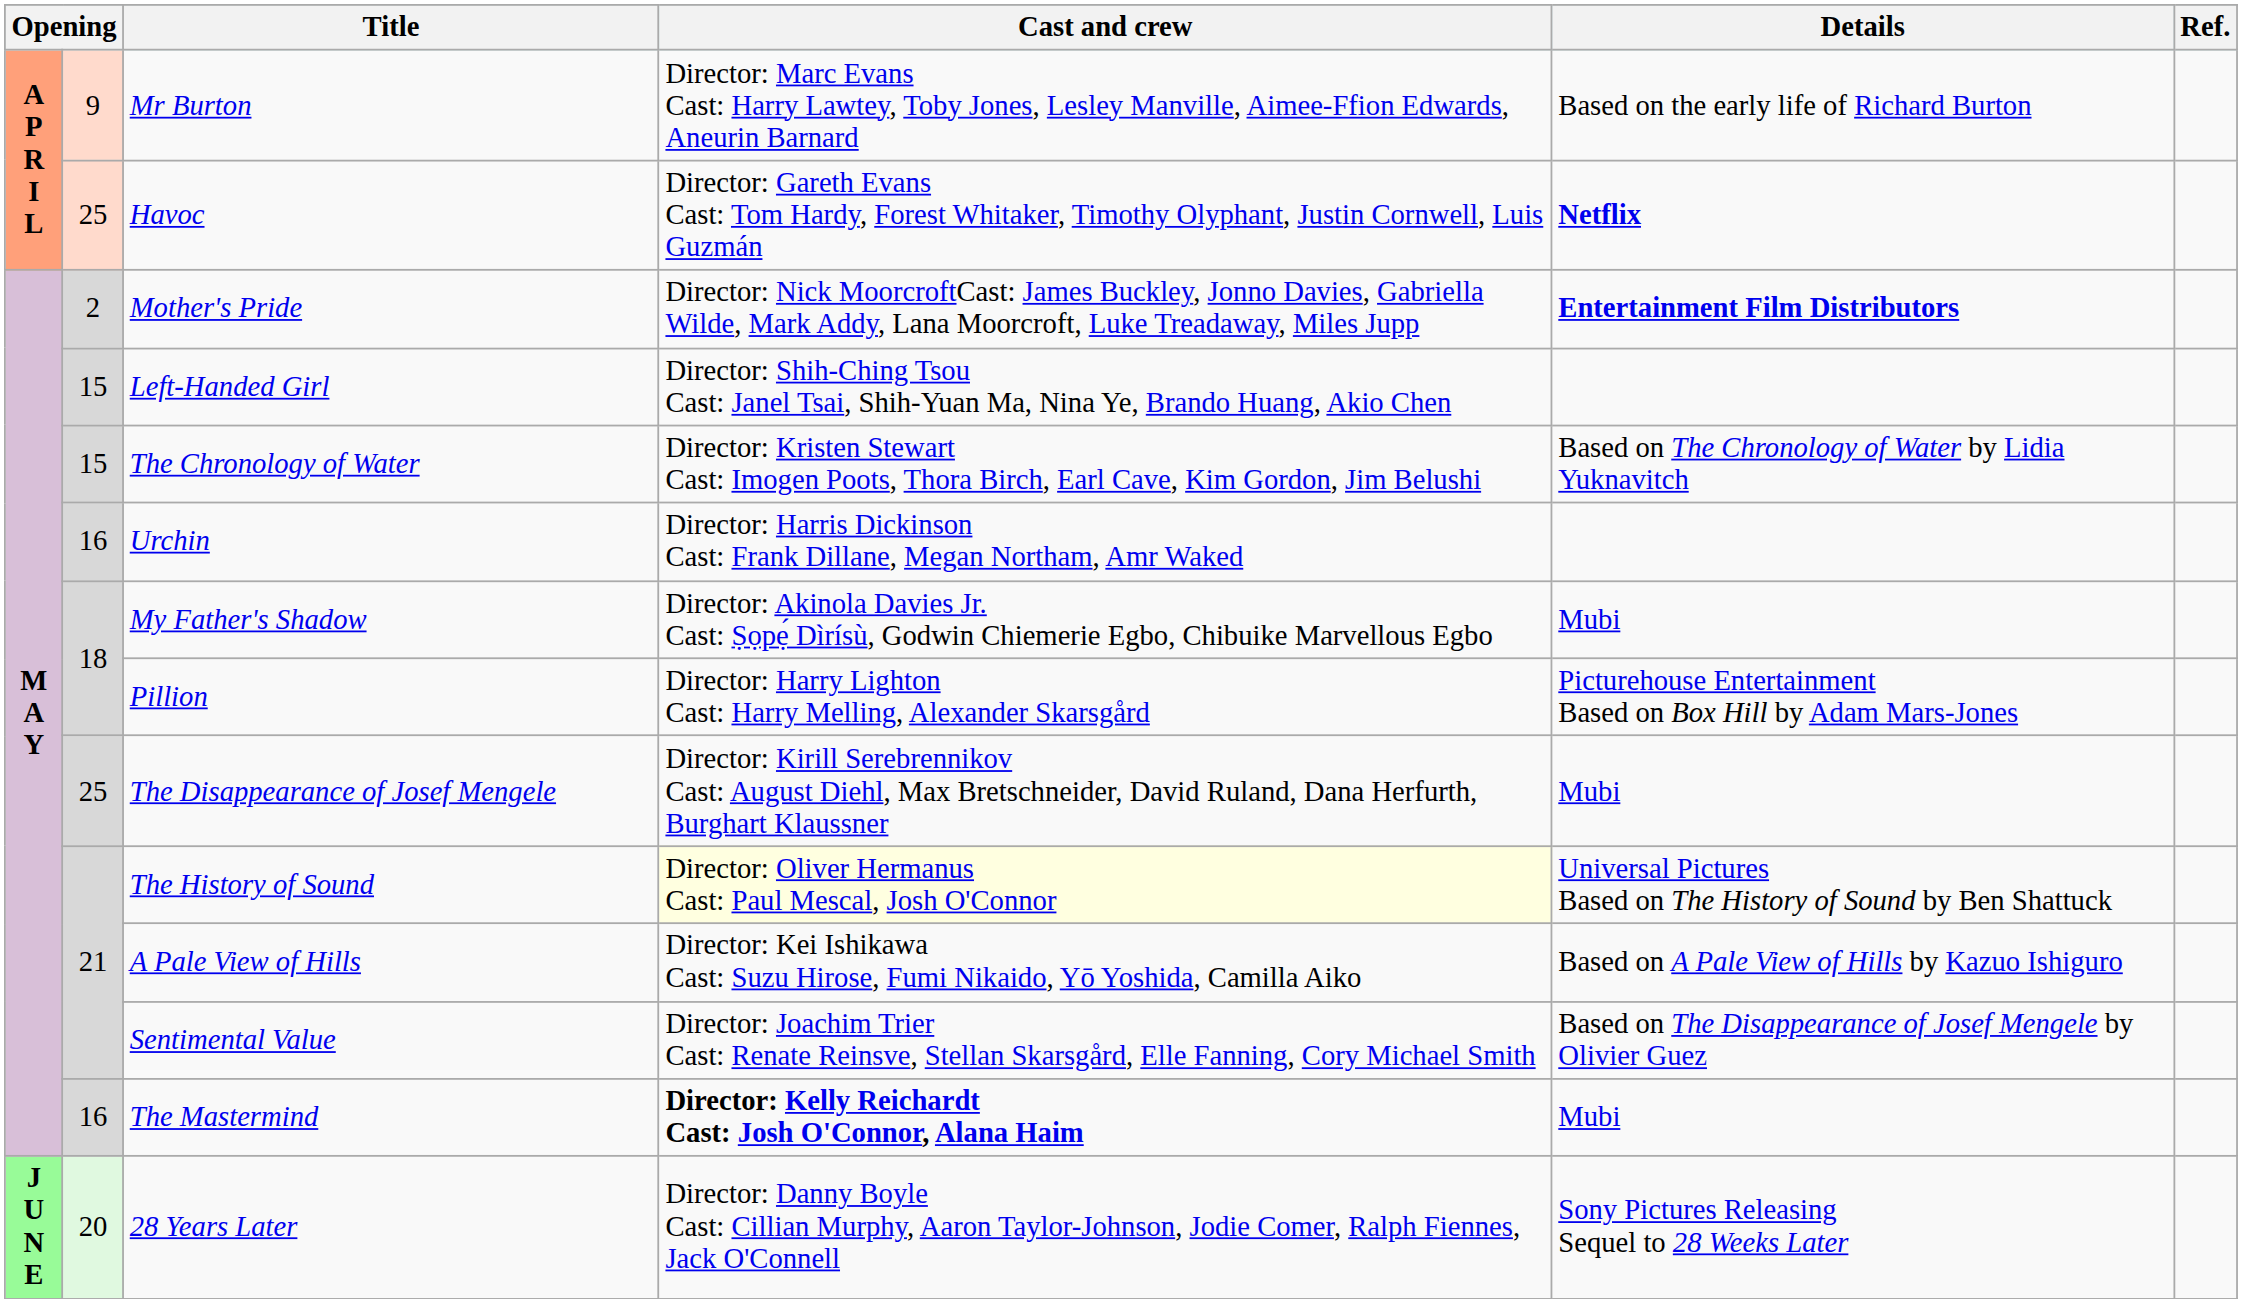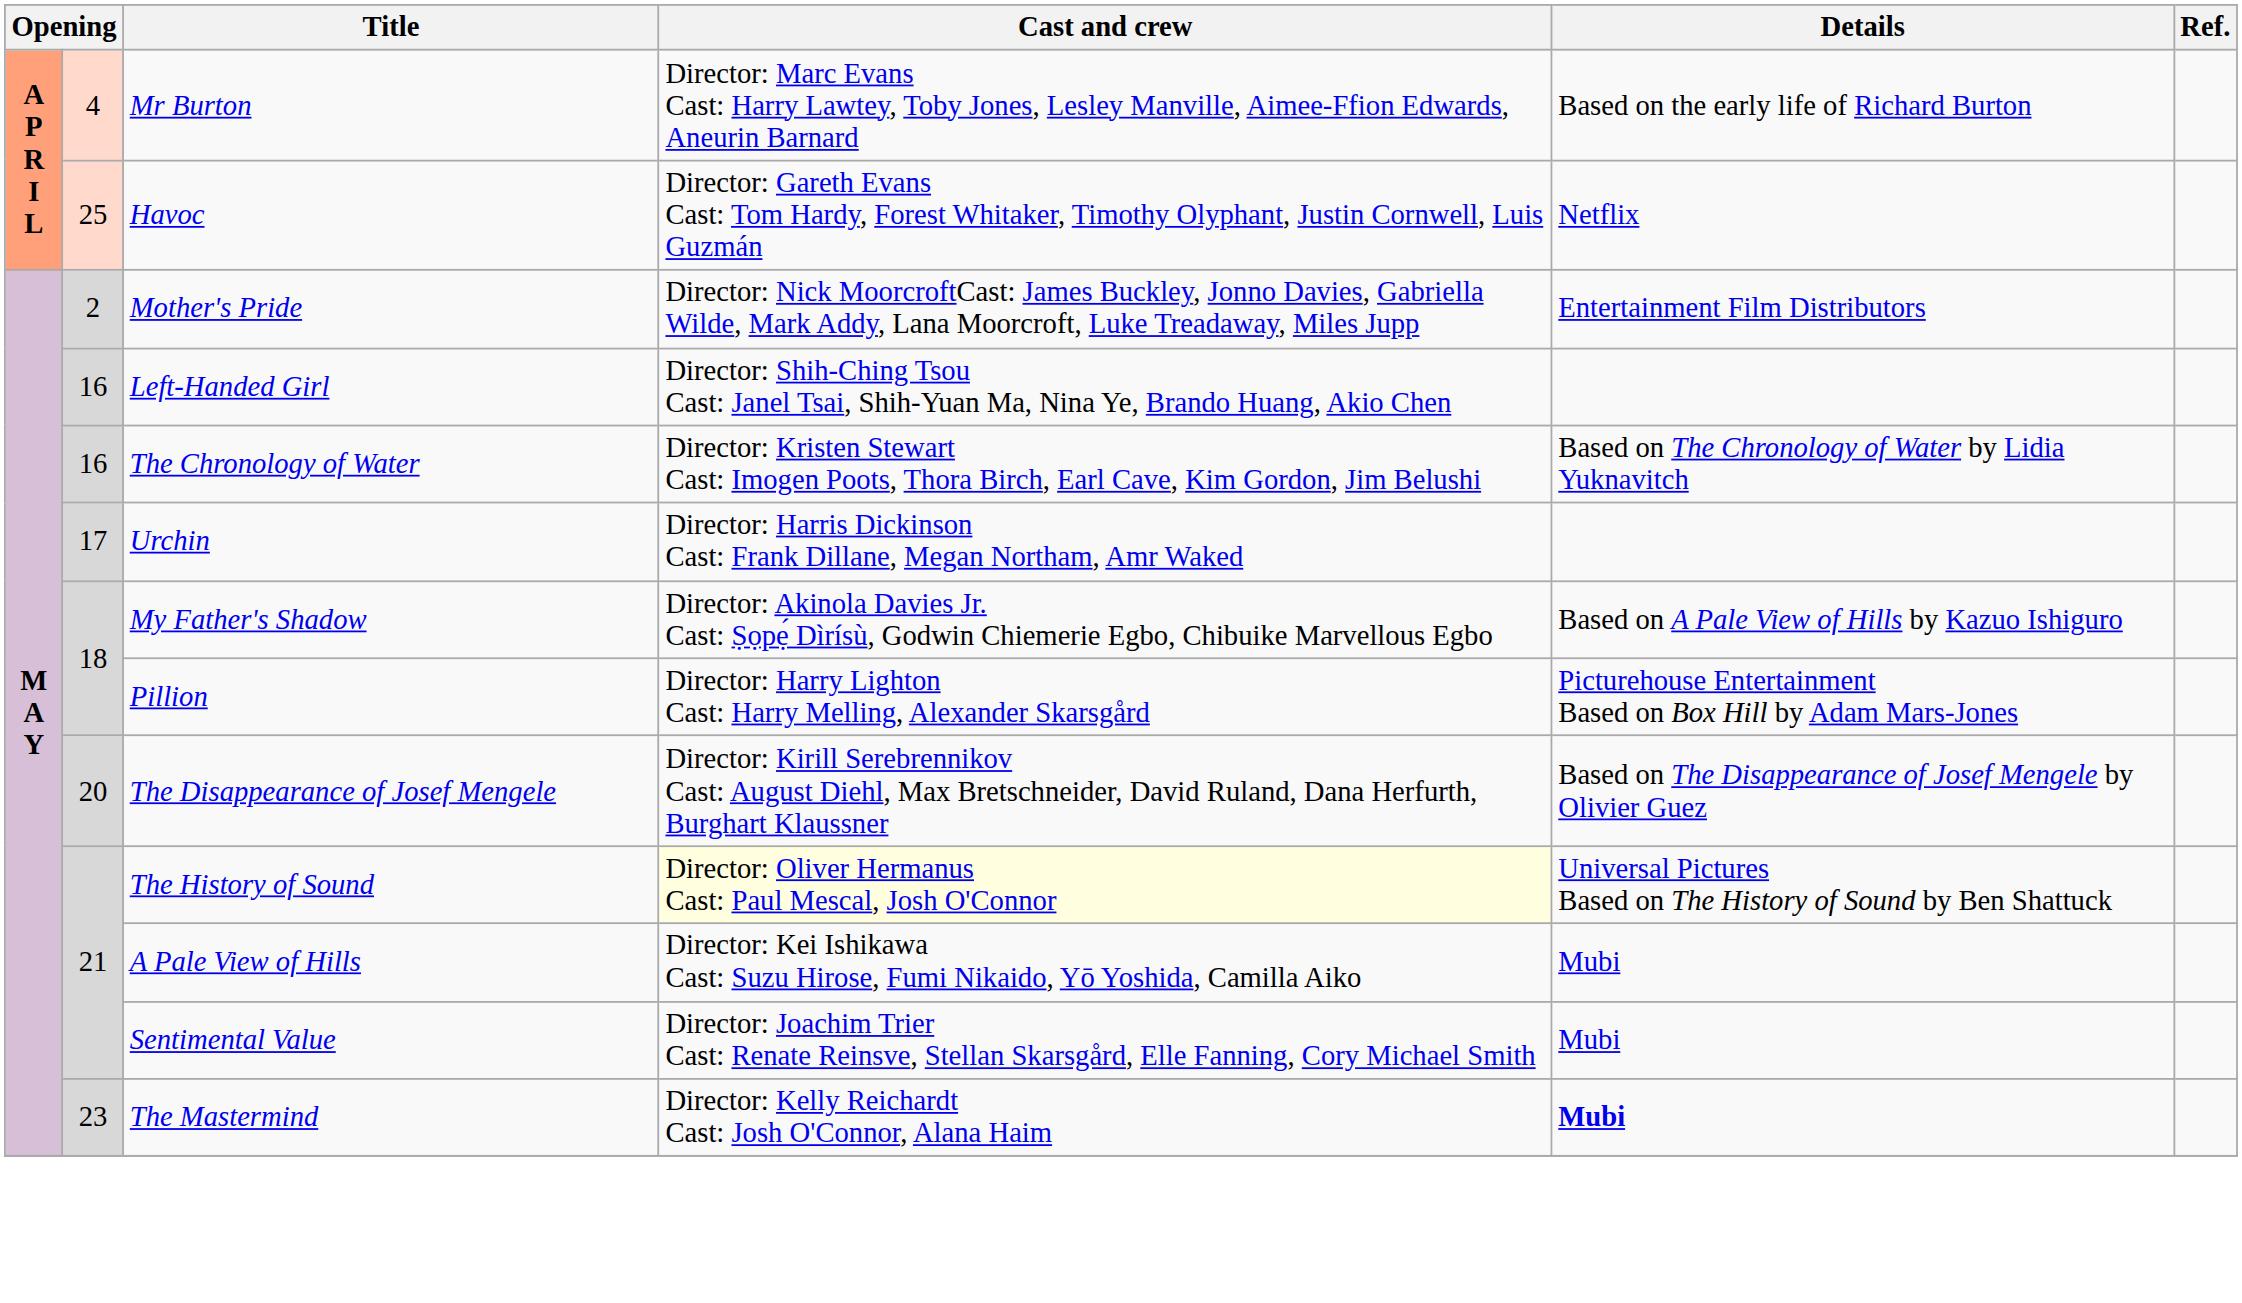 <table class="wikitable">
 <tr style="background:#b0e0e6; text-align:center;">
 <th colspan="2">Opening</th>
 <th style="width:24%;">Title</th>
 <th style="width:40%;">Cast and crew</th>
 <th>Details</th>
 <th style="width:2%;">Ref.</th>
 </tr>
 <tr>
 <th rowspan="2" style="text-align:center; background:#ffa07a; textcolor:#000;">A<br>P<br>R<br>I<br>L</th>
-<td rowspan="1" style="text-align:center; background:#ffdacc;">9</td>
+<td rowspan="1" style="text-align:center; background:#ffdacc;">4</td>
 <td><em><a href='#'>Mr Burton</a></em></td>
 <td>Director: <a href='#'>Marc Evans</a> <br> Cast: <a href='#'>Harry Lawtey</a>, <a href='#'>Toby Jones</a>, <a href='#'>Lesley Manville</a>, <a href='#'>Aimee-Ffion Edwards</a>, <a href='#'>Aneurin Barnard</a></td>
 <td>Based on the early life of <a href='#'>Richard Burton</a></td>
 <td></td>
 </tr>
 <tr>
 <td rowspan="1" style="text-align:center; background:#ffdacc;">25</td>
 <td><em><a href='#'>Havoc</a></em></td>
 <td>Director: <a href='#'>Gareth Evans</a> <br> Cast: <a href='#'>Tom Hardy</a>, <a href='#'>Forest Whitaker</a>, <a href='#'>Timothy Olyphant</a>, <a href='#'>Justin Cornwell</a>, <a href='#'>Luis Guzmán</a></td>
-<td><strong><a href='#'>Netflix</a></strong></td>
+<td><a href='#'>Netflix</a></td>
 <td style="text-align:center"></td>
 </tr>
 <tr>
 <th rowspan="11" style="text-align:center; background:thistle; textcolor:#000;">M<br>A<br>Y</th>
 <td rowspan="1" style="text-align:center; background:#d8d8d8;">2</td>
 <td><em><a href='#'>Mother's Pride</a></em></td>
 <td>Director: <a href='#'>Nick Moorcroft</a>Cast: <a href='#'>James Buckley</a>, <a href='#'>Jonno Davies</a>, <a href='#'>Gabriella Wilde</a>, <a href='#'>Mark Addy</a>, Lana Moorcroft, <a href='#'>Luke Treadaway</a>, <a href='#'>Miles Jupp</a></td>
-<td><strong><a href='#'>Entertainment Film Distributors</a></strong></td>
+<td><a href='#'>Entertainment Film Distributors</a></td>
 <td style="text-align:center"></td>
 </tr>
 <tr>
-<td rowspan="1" style="text-align:center; background:#d8d8d8;">15</td>
+<td rowspan="1" style="text-align:center; background:#d8d8d8;">16</td>
 <td><em><a href='#'>Left-Handed Girl</a></em></td>
 <td>Director: <a href='#'>Shih-Ching Tsou</a> <br> Cast: <a href='#'>Janel Tsai</a>, Shih-Yuan Ma, Nina Ye, <a href='#'>Brando Huang</a>, <a href='#'>Akio Chen</a></td>
 <td></td>
 <td></td>
 </tr>
 <tr>
-<td rowspan="1" style="text-align:center; background:#d8d8d8;">15</td>
+<td rowspan="1" style="text-align:center; background:#d8d8d8;">16</td>
 <td><em><a href='#'>The Chronology of Water</a></em></td>
 <td>Director: <a href='#'>Kristen Stewart</a> <br> Cast: <a href='#'>Imogen Poots</a>, <a href='#'>Thora Birch</a>, <a href='#'>Earl Cave</a>, <a href='#'>Kim Gordon</a>, <a href='#'>Jim Belushi</a></td>
 <td>Based on <em><a href='#'>The Chronology of Water</a></em> by <a href='#'>Lidia Yuknavitch</a></td>
 <td></td>
 </tr>
 <tr>
-<td rowspan="1" style="text-align:center; background:#d8d8d8;">16</td>
+<td rowspan="1" style="text-align:center; background:#d8d8d8;">17</td>
 <td><em><a href='#'>Urchin</a></em></td>
 <td>Director: <a href='#'>Harris Dickinson</a> <br> Cast: <a href='#'>Frank Dillane</a>, <a href='#'>Megan Northam</a>, <a href='#'>Amr Waked</a></td>
 <td></td>
 <td></td>
 </tr>
 <tr>
 <td rowspan="2" style="text-align:center; background:#d8d8d8;">18</td>
 <td><em><a href='#'>My Father's Shadow</a></em></td>
 <td>Director: <a href='#'>Akinola Davies Jr.</a> <br> Cast: <a href='#'>Ṣọpẹ́ Dìrísù</a>, Godwin Chiemerie Egbo, Chibuike Marvellous Egbo</td>
-<td><a href='#'>Mubi</a></td>
+<td>Based on <em><a href='#'>A Pale View of Hills</a></em> by <a href='#'>Kazuo Ishiguro</a></td>
 <td></td>
 </tr>
 <tr>
 <td><em><a href='#'>Pillion</a></em></td>
 <td>Director: <a href='#'>Harry Lighton</a> <br> Cast: <a href='#'>Harry Melling</a>, <a href='#'>Alexander Skarsgård</a></td>
 <td><a href='#'>Picturehouse Entertainment</a> <br> Based on <em>Box Hill</em> by <a href='#'>Adam Mars-Jones</a></td>
 <td></td>
 </tr>
 <tr>
-<td rowspan="1" style="text-align:center; background:#d8d8d8;">25</td>
+<td rowspan="1" style="text-align:center; background:#d8d8d8;">20</td>
 <td><em><a href='#'>The Disappearance of Josef Mengele</a></em></td>
 <td>Director: <a href='#'>Kirill Serebrennikov</a> <br> Cast: <a href='#'>August Diehl</a>, Max Bretschneider, David Ruland, Dana Herfurth, <a href='#'>Burghart Klaussner</a></td>
-<td><a href='#'>Mubi</a></td>
+<td>Based on <em><a href='#'>The Disappearance of Josef Mengele</a></em> by <a href='#'>Olivier Guez</a></td>
 <td></td>
 </tr>
 <tr>
 <td rowspan="3" style="text-align:center; background:#d8d8d8;">21</td>
 <td><em><a href='#'>The History of Sound</a></em></td>
 <td style="background: lightyellow;">Director: <a href='#'>Oliver Hermanus</a> <br> Cast: <a href='#'>Paul Mescal</a>, <a href='#'>Josh O'Connor</a></td>
 <td><a href='#'>Universal Pictures</a> <br> Based on <em>The History of Sound</em> by Ben Shattuck</td>
 <td></td>
 </tr>
 <tr>
 <td><em><a href='#'>A Pale View of Hills</a></em></td>
 <td>Director: Kei Ishikawa <br> Cast: <a href='#'>Suzu Hirose</a>, <a href='#'>Fumi Nikaido</a>, <a href='#'>Yō Yoshida</a>, Camilla Aiko</td>
-<td>Based on <em><a href='#'>A Pale View of Hills</a></em> by <a href='#'>Kazuo Ishiguro</a></td>
+<td><a href='#'>Mubi</a></td>
 <td></td>
 </tr>
 <tr>
 <td><em><a href='#'>Sentimental Value</a></em></td>
 <td>Director: <a href='#'>Joachim Trier</a> <br> Cast: <a href='#'>Renate Reinsve</a>, <a href='#'>Stellan Skarsgård</a>, <a href='#'>Elle Fanning</a>, <a href='#'>Cory Michael Smith</a></td>
-<td>Based on <em><a href='#'>The Disappearance of Josef Mengele</a></em> by <a href='#'>Olivier Guez</a></td>
-<td></td>
-</tr>
-<tr>
-<td rowspan="1" style="text-align:center; background:#d8d8d8;">16</td>
-<td><em><a href='#'>The Mastermind</a></em></td>
-<td><strong>Director: <a href='#'>Kelly Reichardt</a> <br> Cast: <a href='#'>Josh O'Connor</a>, <a href='#'>Alana Haim</a></strong></td>
 <td><a href='#'>Mubi</a></td>
 <td></td>
 </tr>
 <tr>
-<th rowspan="1" style="text-align:center; background:#98fb98; textcolor:#98fb98;">J<br>U<br>N<br>E</th>
-<td rowspan="1" style="text-align:center; background:#e0f9e0;">20</td>
-<td><em><a href='#'>28 Years Later</a></em></td>
-<td>Director: <a href='#'>Danny Boyle</a> <br> Cast: <a href='#'>Cillian Murphy</a>, <a href='#'>Aaron Taylor-Johnson</a>, <a href='#'>Jodie Comer</a>, <a href='#'>Ralph Fiennes</a>, <a href='#'>Jack O'Connell</a></td>
-<td><a href='#'>Sony Pictures Releasing</a> <br> Sequel to <em><a href='#'>28 Weeks Later</a></em></td>
+<td rowspan="1" style="text-align:center; background:#d8d8d8;">23</td>
+<td><em><a href='#'>The Mastermind</a></em></td>
+<td>Director: <a href='#'>Kelly Reichardt</a> <br> Cast: <a href='#'>Josh O'Connor</a>, <a href='#'>Alana Haim</a></td>
+<td><strong><a href='#'>Mubi</a></strong></td>
 <td></td>
 </tr>
 <tr>
 </tr>
 </table>
